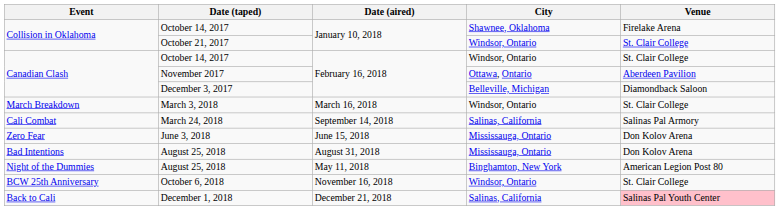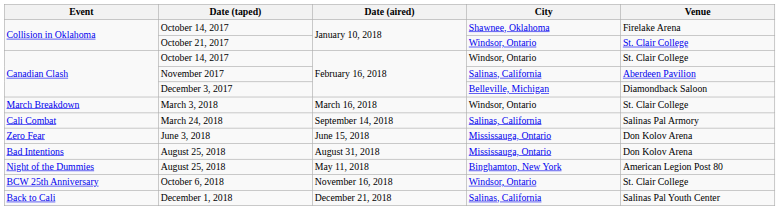 <table class="wikitable sortable" width="100%" style="align: center">
 <tr>
 <th width="20%">Event</th>
 <th width="20%">Date (taped)</th>
 <th width="20%">Date (aired)</th>
 <th width="20%">City</th>
 <th width="20%">Venue</th>
 </tr>
 <tr>
 <td rowspan="2"><a href='#'>Collision in Oklahoma</a></td>
 <td>October 14, 2017</td>
 <td rowspan="2">January 10, 2018</td>
 <td><a href='#'>Shawnee, Oklahoma</a></td>
 <td>Firelake Arena</td>
 </tr>
 <tr>
 <td>October 21, 2017</td>
 <td><a href='#'>Windsor, Ontario</a></td>
 <td><a href='#'>St. Clair College</a></td>
 </tr>
 <tr>
 <td rowspan="3"><a href='#'>Canadian Clash</a></td>
 <td>October 14, 2017</td>
 <td rowspan="3">February 16, 2018</td>
 <td>Windsor, Ontario</td>
 <td>St. Clair College</td>
 </tr>
 <tr>
 <td>November 2017</td>
-<td><a href='#'>Ottawa</a>, <a href='#'>Ontario</a></td>
+<td><a href='#'>Salinas, California</a></td>
 <td><a href='#'>Aberdeen Pavilion</a></td>
 </tr>
 <tr>
 <td>December 3, 2017</td>
 <td><a href='#'>Belleville, Michigan</a></td>
 <td>Diamondback Saloon</td>
 </tr>
 <tr>
 <td><a href='#'>March Breakdown</a></td>
 <td>March 3, 2018</td>
 <td>March 16, 2018</td>
 <td>Windsor, Ontario</td>
 <td>St. Clair College</td>
 </tr>
 <tr>
 <td><a href='#'>Cali Combat</a></td>
 <td>March 24, 2018</td>
 <td>September 14, 2018</td>
 <td><a href='#'>Salinas, California</a></td>
 <td>Salinas Pal Armory</td>
 </tr>
 <tr>
 <td><a href='#'>Zero Fear</a></td>
 <td>June 3, 2018</td>
 <td>June 15, 2018</td>
 <td><a href='#'>Mississauga, Ontario</a></td>
 <td>Don Kolov Arena</td>
 </tr>
 <tr>
 <td><a href='#'>Bad Intentions</a></td>
 <td>August 25, 2018</td>
 <td>August 31, 2018</td>
 <td><a href='#'>Mississauga, Ontario</a></td>
 <td>Don Kolov Arena</td>
 </tr>
 <tr>
 <td><a href='#'>Night of the Dummies</a></td>
 <td>August 25, 2018</td>
 <td>May 11, 2018</td>
 <td><a href='#'>Binghamton, New York</a></td>
 <td>American Legion Post 80</td>
 </tr>
 <tr>
 <td><a href='#'>BCW 25th Anniversary</a></td>
 <td>October 6, 2018</td>
 <td>November 16, 2018</td>
 <td><a href='#'>Windsor, Ontario</a></td>
 <td>St. Clair College</td>
 </tr>
 <tr>
 <td><a href='#'>Back to Cali</a></td>
 <td>December 1, 2018</td>
 <td>December 21, 2018</td>
 <td><a href='#'>Salinas, California</a></td>
-<td style="background: pink;">Salinas Pal Youth Center</td>
+<td>Salinas Pal Youth Center</td>
 </tr>
 </table>
